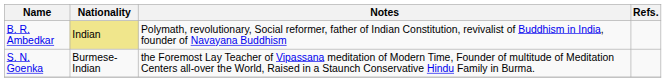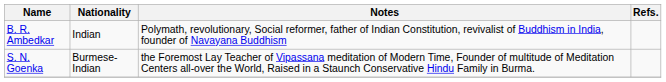 <table class="wikitable" style="width:80%;">
 <tr>
 <th>Name</th>
 <th>Nationality</th>
 <th>Notes</th>
 <th>Refs.</th>
 </tr>
 <tr>
 <td><a href='#'>B. R. Ambedkar</a></td>
-<td style="background: khaki;">Indian</td>
+<td>Indian</td>
 <td>Polymath, revolutionary, Social reformer, father of Indian Constitution, revivalist of <a href='#'>Buddhism in India</a>, founder of <a href='#'>Navayana Buddhism</a></td>
 <td></td>
 </tr>
 <tr>
 <td><a href='#'>S. N. Goenka</a></td>
 <td>Burmese-Indian</td>
 <td>the Foremost Lay Teacher of <a href='#'>Vipassana</a> meditation of Modern Time, Founder of  multitude of Meditation Centers all-over the World,  Raised in a Staunch Conservative <a href='#'>Hindu</a> Family in Burma.</td>
 <td></td>
 </tr>
 <tr>
 </tr>
 </table>
